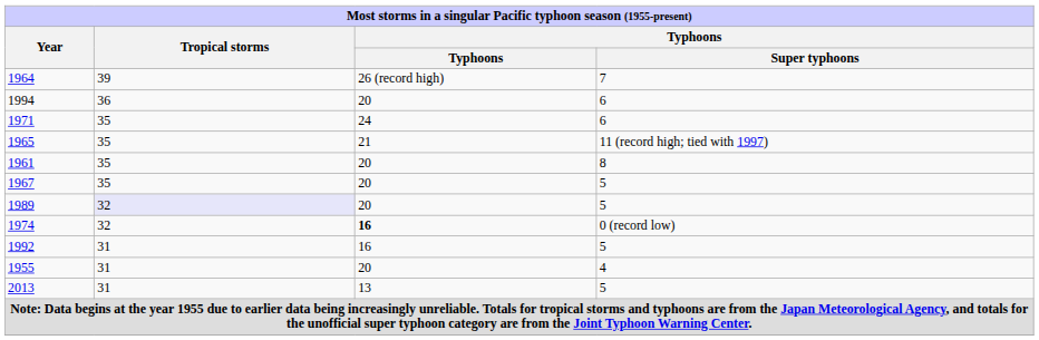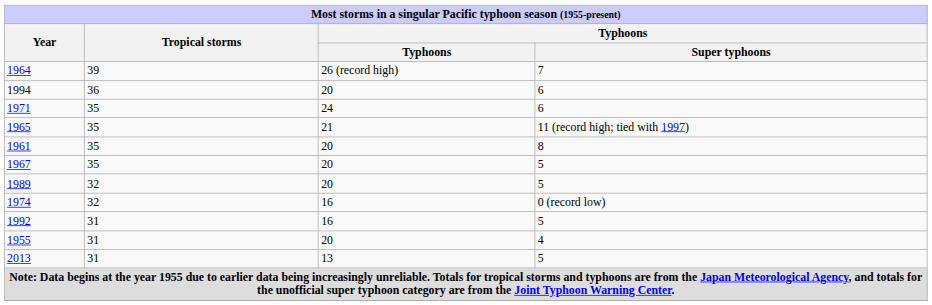 <table class="wikitable" align="right" style="margin:">
 <tr>
 <th colspan="4" style="background:#ccf;">Most storms in a singular Pacific typhoon season <small>(1955-present)</small></th>
 </tr>
 <tr>
 <th rowspan=2>Year</th>
 <th rowspan=2>Tropical storms</th>
 <th colspan=2>Typhoons</th>
 </tr>
 <tr>
 <th>Typhoons</th>
 <th>Super typhoons</th>
 </tr>
 <tr>
 <td><a href='#'>1964</a></td>
 <td>39</td>
 <td>26 (record high)</td>
 <td>7</td>
 </tr>
 <tr>
 <td>1994</td>
 <td>36</td>
 <td>20</td>
 <td>6</td>
 </tr>
 <tr>
 <td><a href='#'>1971</a></td>
 <td>35</td>
 <td>24</td>
 <td>6</td>
 </tr>
 <tr>
 <td><a href='#'>1965</a></td>
 <td>35</td>
 <td>21</td>
 <td>11 (record high; tied with <a href='#'>1997</a>)</td>
 </tr>
 <tr>
 <td><a href='#'>1961</a></td>
 <td>35</td>
 <td>20</td>
 <td>8</td>
 </tr>
 <tr>
 <td><a href='#'>1967</a></td>
 <td>35</td>
 <td>20</td>
 <td>5</td>
 </tr>
 <tr>
 <td><a href='#'>1989</a></td>
-<td style="background: lavender;">32</td>
+<td>32</td>
 <td>20</td>
 <td>5</td>
 </tr>
 <tr>
 <td><a href='#'>1974</a></td>
 <td>32</td>
-<td><strong>16</strong></td>
+<td>16</td>
 <td>0 (record low)</td>
 </tr>
 <tr>
 <td><a href='#'>1992</a></td>
 <td>31</td>
 <td>16</td>
 <td>5</td>
 </tr>
 <tr>
 <td><a href='#'>1955</a></td>
 <td>31</td>
 <td>20</td>
 <td>4</td>
 </tr>
 <tr>
 <td><a href='#'>2013</a></td>
 <td>31</td>
 <td>13</td>
 <td>5</td>
 </tr>
 <tr>
 <th colspan="4" style="background:#dddddd;">Note: Data begins at the year 1955 due to earlier data being increasingly unreliable. Totals for tropical storms and typhoons are from the <a href='#'>Japan Meteorological Agency</a>, and totals for the unofficial super typhoon category are from the <a href='#'>Joint Typhoon Warning Center</a>.</th>
 </tr>
 <tr>
 </tr>
 </table>
